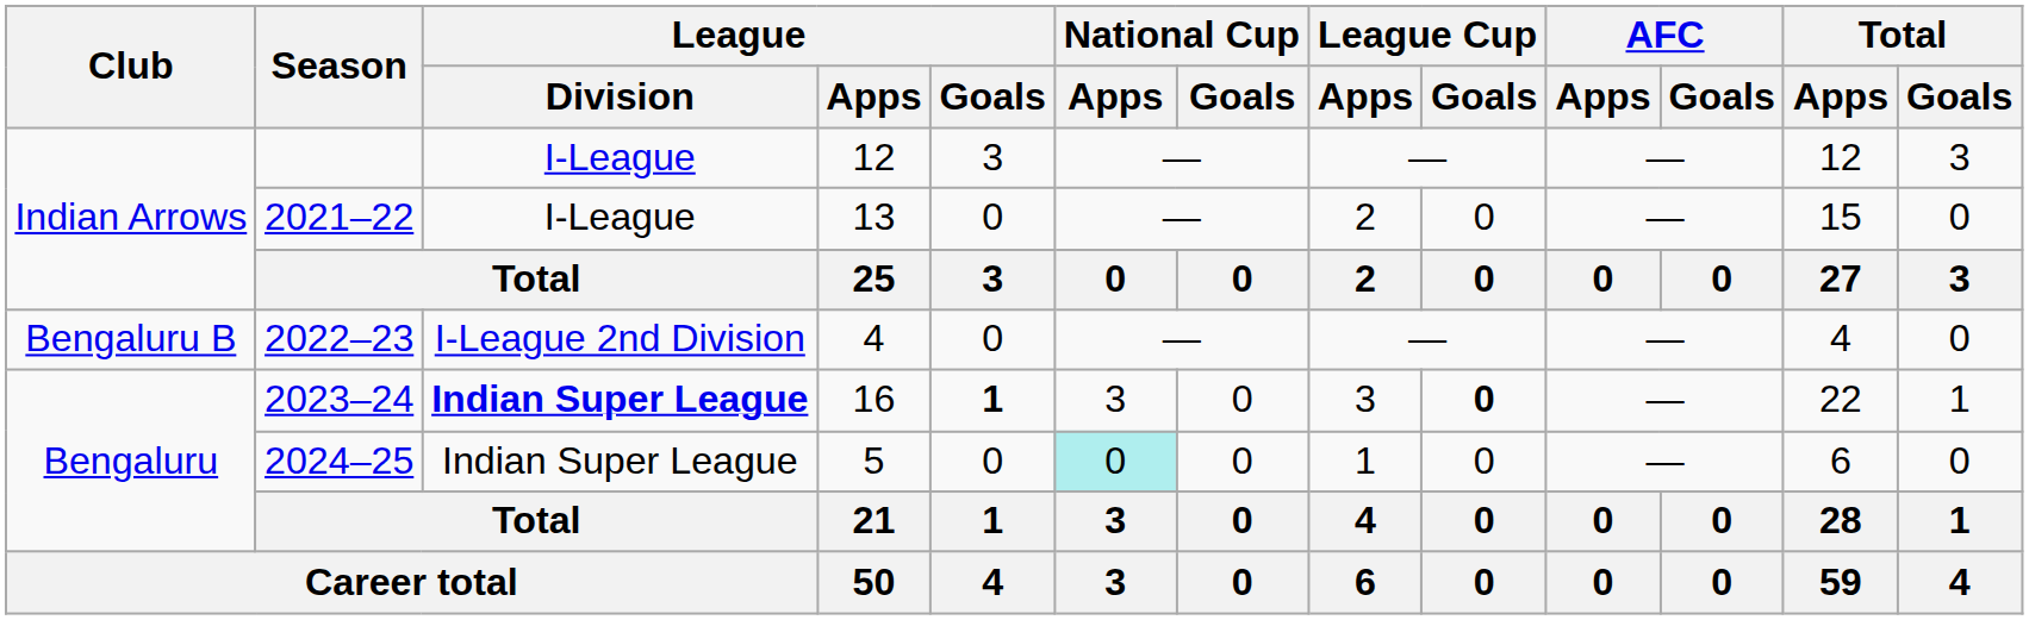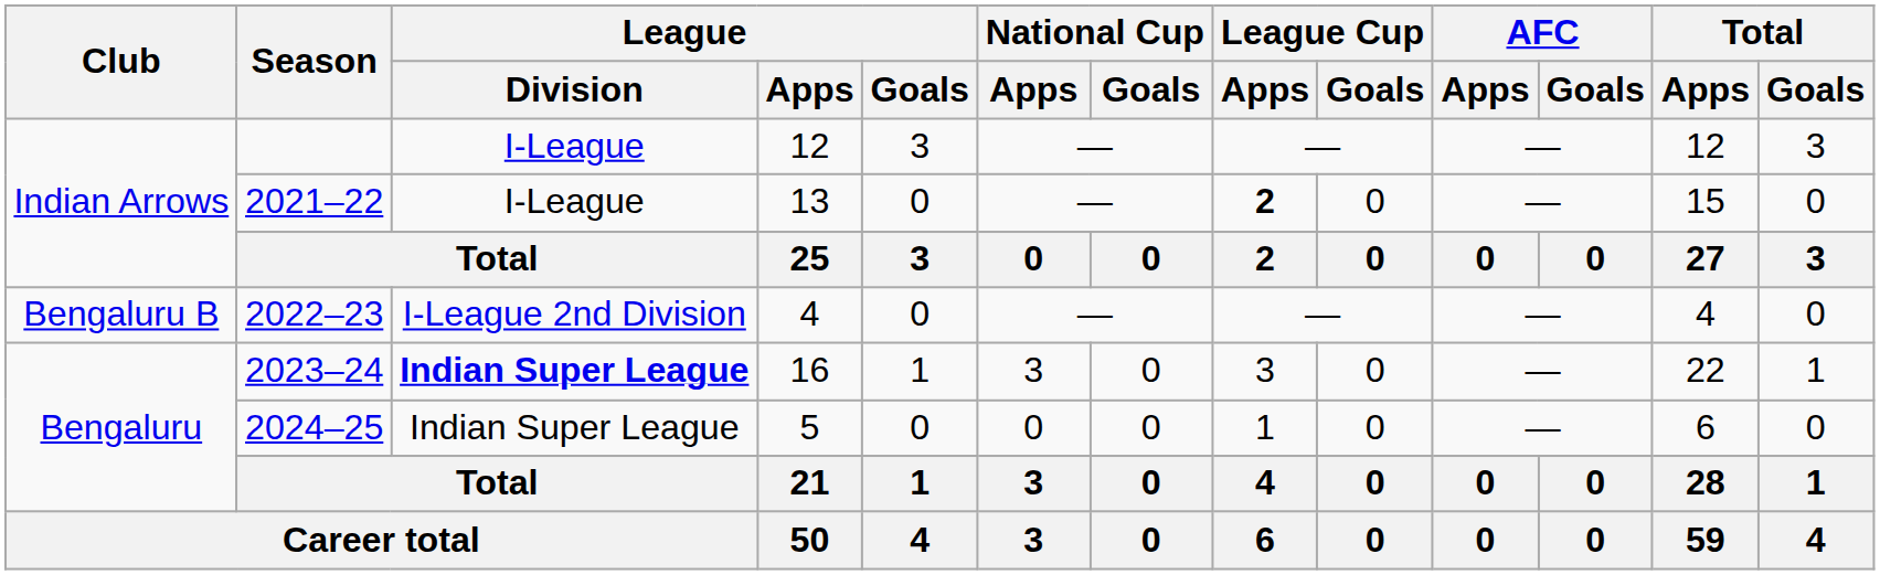 <table class="wikitable" style="text-align: center;">
 <tr>
 <th rowspan="2">Club</th>
 <th rowspan="2">Season</th>
 <th colspan="3">League</th>
 <th colspan="2">National Cup</th>
 <th colspan="2">League Cup</th>
 <th colspan="2"><a href='#'>AFC</a></th>
 <th colspan="2">Total</th>
 </tr>
 <tr>
 <th>Division</th>
 <th>Apps</th>
 <th>Goals</th>
 <th>Apps</th>
 <th>Goals</th>
 <th>Apps</th>
 <th>Goals</th>
 <th>Apps</th>
 <th>Goals</th>
 <th>Apps</th>
 <th>Goals</th>
 </tr>
 <tr>
 <td rowspan="3"><a href='#'>Indian Arrows</a></td>
 <td></td>
 <td><a href='#'>I-League</a></td>
 <td>12</td>
 <td>3</td>
 <td colspan="2">—</td>
 <td colspan="2">—</td>
 <td colspan="2">—</td>
 <td>12</td>
 <td>3</td>
 </tr>
 <tr>
 <td><a href='#'>2021–22</a></td>
 <td>I-League</td>
 <td>13</td>
 <td>0</td>
 <td colspan="2">—</td>
-<td>2</td>
+<td><strong>2</strong></td>
 <td>0</td>
 <td colspan="2">—</td>
 <td>15</td>
 <td>0</td>
 </tr>
 <tr>
 <th colspan="2">Total</th>
 <th>25</th>
 <th>3</th>
 <th>0</th>
 <th>0</th>
 <th>2</th>
 <th>0</th>
 <th>0</th>
 <th>0</th>
 <th>27</th>
 <th>3</th>
 </tr>
 <tr>
 <td><a href='#'>Bengaluru B</a></td>
 <td><a href='#'>2022–23</a></td>
 <td><a href='#'>I-League 2nd Division</a></td>
 <td>4</td>
 <td>0</td>
 <td colspan="2">—</td>
 <td colspan="2">—</td>
 <td colspan="2">—</td>
 <td>4</td>
 <td>0</td>
 </tr>
 <tr>
 <td rowspan="3"><a href='#'>Bengaluru</a></td>
 <td><a href='#'>2023–24</a></td>
 <td><strong><a href='#'>Indian Super League</a></strong></td>
 <td>16</td>
-<td><strong>1</strong></td>
+<td>1</td>
 <td>3</td>
 <td>0</td>
 <td>3</td>
-<td><strong>0</strong></td>
+<td>0</td>
 <td colspan="2">—</td>
 <td>22</td>
 <td>1</td>
 </tr>
 <tr>
 <td><a href='#'>2024–25</a></td>
 <td>Indian Super League</td>
 <td>5</td>
 <td>0</td>
-<td style="background: paleturquoise;">0</td>
+<td>0</td>
 <td>0</td>
 <td>1</td>
 <td>0</td>
 <td colspan="2">—</td>
 <td>6</td>
 <td>0</td>
 </tr>
 <tr>
 <th colspan="2">Total</th>
 <th>21</th>
 <th>1</th>
 <th>3</th>
 <th>0</th>
 <th>4</th>
 <th>0</th>
 <th>0</th>
 <th>0</th>
 <th>28</th>
 <th>1</th>
 </tr>
 <tr>
 <th colspan="3">Career total</th>
 <th>50</th>
 <th>4</th>
 <th>3</th>
 <th>0</th>
 <th>6</th>
 <th>0</th>
 <th>0</th>
 <th>0</th>
 <th>59</th>
 <th>4</th>
 </tr>
 </table>
